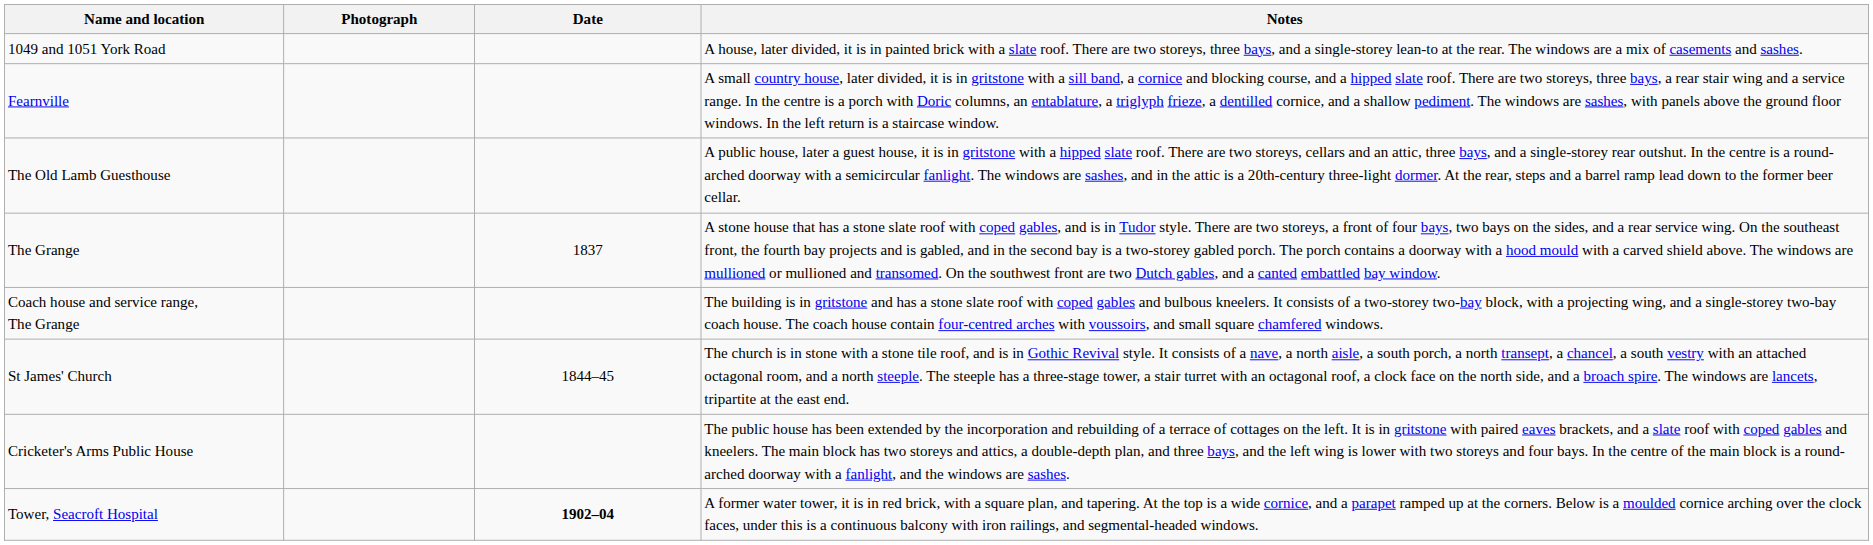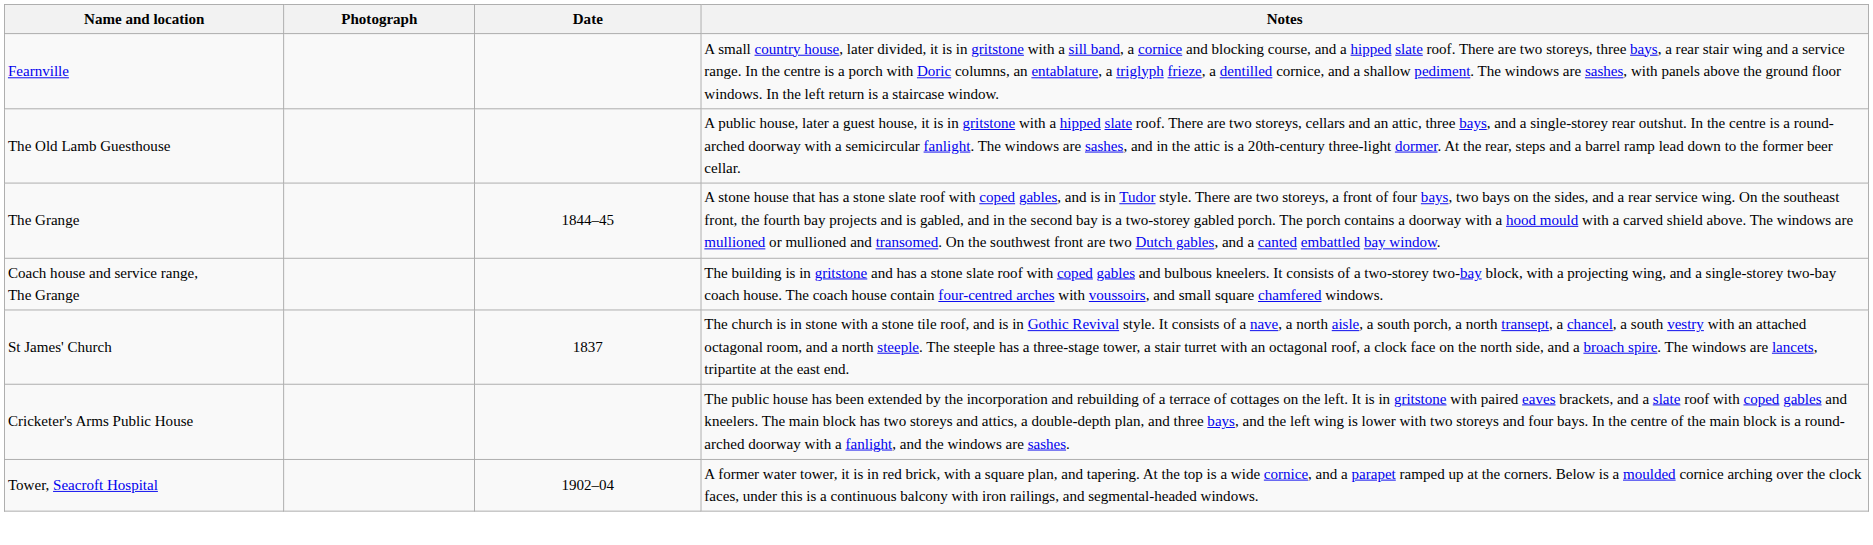 <table class="wikitable sortable plainrowheaders" style="width:100%;border:0px;text-align:left;line-height:150%;">
 <tr>
 <th scope="col"  style="width:150px">Name and location</th>
 <th scope="col"  style="width:100px" class="unsortable">Photograph</th>
 <th scope="col"  style="width:120px">Date</th>
 <th scope="col"  style="width:650px" class="unsortable">Notes</th>
-</tr>
-<tr>
-<td>1049 and 1051 York Road<br><small></small></td>
-<td></td>
-<td align="center"></td>
-<td>A house, later divided, it is in painted brick with a <a href='#'>slate</a> roof.  There are two storeys, three <a href='#'>bays</a>, and a single-storey lean-to at the rear.  The windows are a mix of <a href='#'>casements</a> and <a href='#'>sashes</a>.</td>
 </tr>
 <tr>
 <td><a href='#'>Fearnville</a><br><small></small></td>
 <td></td>
 <td align="center"></td>
 <td>A small <a href='#'>country house</a>, later divided, it is in <a href='#'>gritstone</a> with a <a href='#'>sill band</a>, a <a href='#'>cornice</a> and blocking course, and a <a href='#'>hipped</a> <a href='#'>slate</a> roof.  There are two storeys, three <a href='#'>bays</a>, a rear stair wing and a service range.  In the centre is a porch with <a href='#'>Doric</a> columns, an <a href='#'>entablature</a>, a <a href='#'>triglyph</a> <a href='#'>frieze</a>, a <a href='#'>dentilled</a> cornice, and a shallow <a href='#'>pediment</a>.  The windows are <a href='#'>sashes</a>, with panels above the ground floor windows.  In the left return is a staircase window.</td>
 </tr>
 <tr>
 <td>The Old Lamb Guesthouse<br><small></small></td>
 <td></td>
 <td align="center"></td>
 <td>A public house, later a guest house, it is in <a href='#'>gritstone</a> with a <a href='#'>hipped</a> <a href='#'>slate</a> roof.  There are two storeys, cellars and an attic, three <a href='#'>bays</a>, and a single-storey rear outshut.  In the centre is a round-arched doorway with a semicircular <a href='#'>fanlight</a>.  The windows are <a href='#'>sashes</a>, and in the attic is a 20th-century three-light <a href='#'>dormer</a>.  At the rear, steps and a barrel ramp lead down to the former beer cellar.</td>
 </tr>
 <tr>
 <td>The Grange<br><small></small></td>
 <td></td>
-<td align="center">1837</td>
+<td align="center">1844–45</td>
 <td>A stone house that has a stone slate roof with <a href='#'>coped</a> <a href='#'>gables</a>, and is in <a href='#'>Tudor</a> style.  There are two storeys, a front of four <a href='#'>bays</a>, two bays on the sides, and a rear service wing.  On the southeast front, the fourth bay projects and is gabled, and in the second bay is a two-storey gabled porch.  The porch contains a doorway with a <a href='#'>hood mould</a> with a carved shield above.  The windows are <a href='#'>mullioned</a> or mullioned and <a href='#'>transomed</a>.  On the southwest front are two <a href='#'>Dutch gables</a>, and a <a href='#'>canted</a> <a href='#'>embattled</a> <a href='#'>bay window</a>.</td>
 </tr>
 <tr>
 <td>Coach house and service range,<br>The Grange<br><small></small></td>
 <td></td>
 <td align="center"></td>
 <td>The building is in <a href='#'>gritstone</a> and has a stone slate roof with <a href='#'>coped</a> <a href='#'>gables</a> and bulbous kneelers.  It consists of a two-storey two-<a href='#'>bay</a> block, with a projecting wing, and a single-storey two-bay coach house.  The coach house contain <a href='#'>four-centred arches</a> with <a href='#'>voussoirs</a>, and small square <a href='#'>chamfered</a> windows.</td>
 </tr>
 <tr>
 <td>St James' Church<br><small></small></td>
 <td></td>
-<td align="center">1844–45</td>
+<td align="center">1837</td>
 <td>The church is in stone with a stone tile roof, and is in <a href='#'>Gothic Revival</a> style.  It consists of a <a href='#'>nave</a>, a north <a href='#'>aisle</a>, a south porch, a north <a href='#'>transept</a>, a <a href='#'>chancel</a>, a south <a href='#'>vestry</a> with an attached octagonal room, and a north <a href='#'>steeple</a>. The steeple has a three-stage tower, a stair turret with an octagonal roof, a clock face on the north side, and a <a href='#'>broach spire</a>.  The windows are <a href='#'>lancets</a>, tripartite at the east end.</td>
 </tr>
 <tr>
 <td>Cricketer's Arms Public House<br><small></small></td>
 <td></td>
 <td align="center"></td>
 <td>The public house has been extended by the incorporation and rebuilding of a terrace of cottages on the left.  It is in <a href='#'>gritstone</a> with paired <a href='#'>eaves</a> brackets, and a <a href='#'>slate</a> roof with <a href='#'>coped</a> <a href='#'>gables</a> and kneelers.  The main block has two storeys and attics, a double-depth plan, and three <a href='#'>bays</a>, and the left wing is lower with two storeys and four bays.  In the centre of the main block is a round-arched doorway with a <a href='#'>fanlight</a>, and the windows are <a href='#'>sashes</a>.</td>
 </tr>
 <tr>
 <td>Tower, <a href='#'>Seacroft Hospital</a><br><small></small></td>
 <td></td>
-<td align="center"><strong>1902–04</strong></td>
+<td align="center">1902–04</td>
 <td>A former water tower, it is in red brick, with a square plan, and tapering.  At the top is a wide <a href='#'>cornice</a>, and a <a href='#'>parapet</a> ramped up at the corners.  Below is a <a href='#'>moulded</a> cornice arching over the clock faces, under this is a continuous balcony with iron railings, and segmental-headed windows.</td>
 </tr>
 <tr>
 </tr>
 </table>
